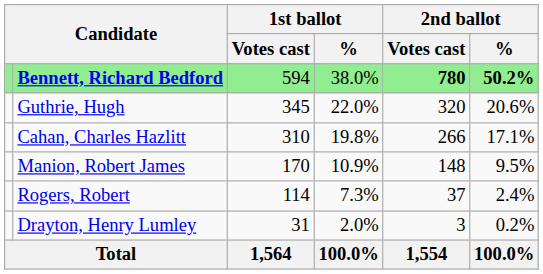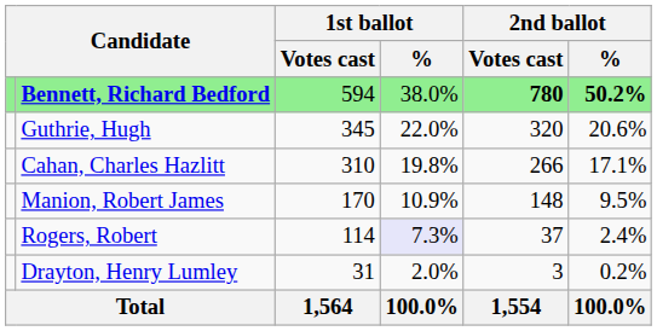 <table class="wikitable">
 <tr>
 <th rowspan="2" colspan="2">Candidate</th>
 <th colspan="2">1st ballot</th>
 <th colspan="2">2nd ballot</th>
 </tr>
 <tr>
 <th>Votes cast</th>
 <th>%</th>
 <th>Votes cast</th>
 <th>%</th>
 </tr>
 <tr style="background:lightgreen;">
 <td></td>
 <td><strong><a href='#'>Bennett, Richard Bedford</a></strong></td>
 <td align="right">594</td>
 <td align="right">38.0%</td>
 <td align="right"><strong>780</strong></td>
 <td align="right"><strong>50.2%</strong></td>
 </tr>
 <tr>
 <td></td>
 <td><a href='#'>Guthrie, Hugh</a></td>
 <td align="right">345</td>
 <td align="right">22.0%</td>
 <td align="right">320</td>
 <td align="right">20.6%</td>
 </tr>
 <tr>
 <td></td>
 <td><a href='#'>Cahan, Charles Hazlitt</a></td>
 <td align="right">310</td>
 <td align="right">19.8%</td>
 <td align="right">266</td>
 <td align="right">17.1%</td>
 </tr>
 <tr>
 <td></td>
 <td><a href='#'>Manion, Robert James</a></td>
 <td align="right">170</td>
 <td align="right">10.9%</td>
 <td align="right">148</td>
 <td align="right">9.5%</td>
 </tr>
 <tr>
 <td></td>
 <td><a href='#'>Rogers, Robert</a></td>
 <td align="right">114</td>
-<td align="right">7.3%</td>
+<td align="right" style="background: lavender;">7.3%</td>
 <td align="right">37</td>
 <td align="right">2.4%</td>
 </tr>
 <tr>
 <td></td>
 <td><a href='#'>Drayton, Henry Lumley</a></td>
 <td align="right">31</td>
 <td align="right">2.0%</td>
 <td align="right">3</td>
 <td align="right">0.2%</td>
 </tr>
 <tr>
 <th colspan="2">Total</th>
 <th align="right">1,564</th>
 <th align="right">100.0%</th>
 <th align="right">1,554</th>
 <th align="right">100.0%</th>
 </tr>
 </table>
